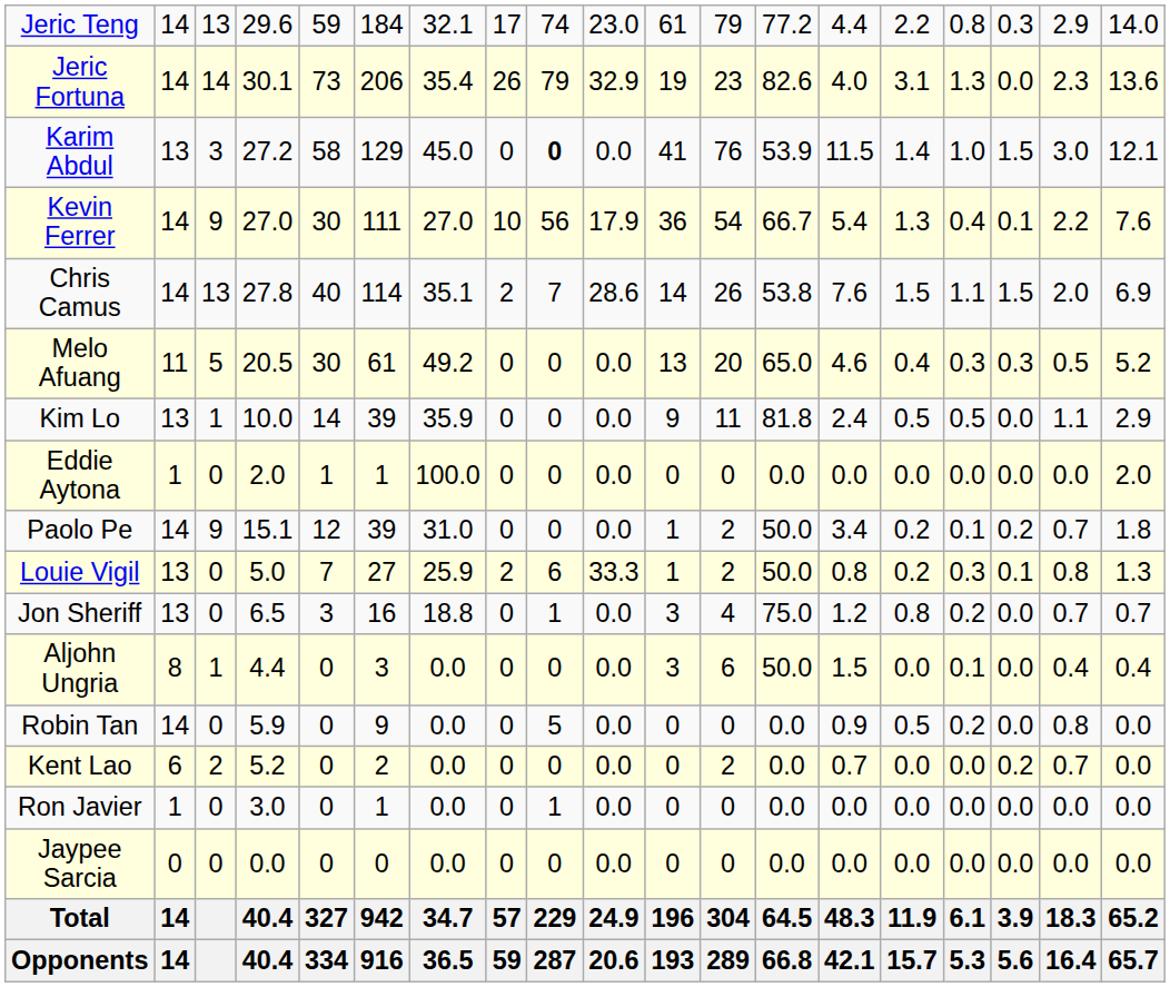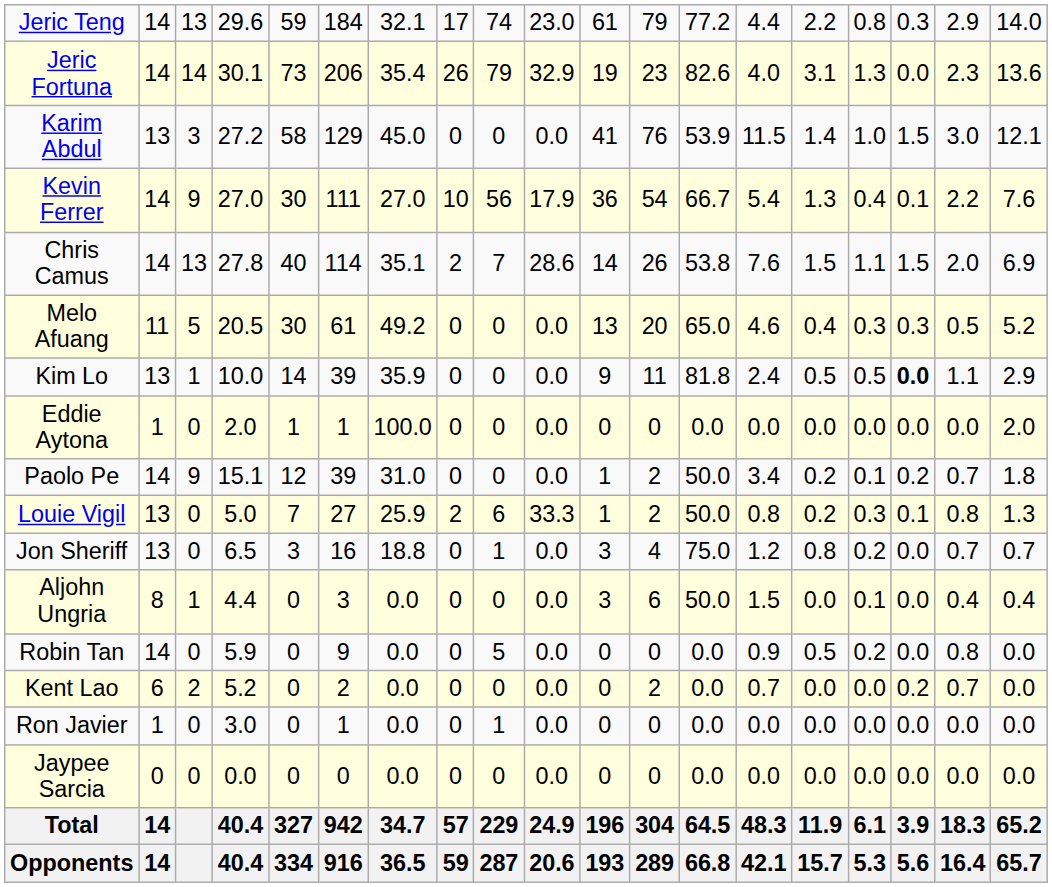 <table class=wikitable width=100%>
 <tr align=center>
 <td><a href='#'>Jeric Teng</a></td>
 <td>14</td>
 <td>13</td>
 <td>29.6</td>
 <td>59</td>
 <td>184</td>
 <td>32.1</td>
 <td>17</td>
 <td>74</td>
 <td>23.0</td>
 <td>61</td>
 <td>79</td>
 <td>77.2</td>
 <td>4.4</td>
 <td>2.2</td>
 <td>0.8</td>
 <td>0.3</td>
 <td>2.9</td>
 <td style=>14.0</td>
 </tr>
 <tr bgcolor=#ffffdd align=center>
 <td><a href='#'>Jeric Fortuna</a></td>
 <td>14</td>
 <td>14</td>
 <td style=>30.1</td>
 <td>73</td>
 <td>206</td>
 <td>35.4</td>
 <td>26</td>
 <td>79</td>
 <td>32.9</td>
 <td>19</td>
 <td>23</td>
 <td style=>82.6</td>
 <td>4.0</td>
 <td style=>3.1</td>
 <td style=>1.3</td>
 <td>0.0</td>
 <td>2.3</td>
 <td>13.6</td>
 </tr>
 <tr align=center>
 <td><a href='#'>Karim Abdul</a></td>
 <td>13</td>
 <td>3</td>
 <td>27.2</td>
 <td>58</td>
 <td>129</td>
 <td>45.0</td>
 <td>0</td>
-<td><strong>0</strong></td>
+<td>0</td>
 <td>0.0</td>
 <td>41</td>
 <td>76</td>
 <td>53.9</td>
 <td style=>11.5</td>
 <td>1.4</td>
 <td>1.0</td>
 <td style=>1.5</td>
 <td>3.0</td>
 <td>12.1</td>
 </tr>
 <tr bgcolor=#ffffdd align=center>
 <td><a href='#'>Kevin Ferrer</a></td>
 <td>14</td>
 <td>9</td>
 <td>27.0</td>
 <td>30</td>
 <td>111</td>
 <td>27.0</td>
 <td>10</td>
 <td>56</td>
 <td>17.9</td>
 <td>36</td>
 <td>54</td>
 <td>66.7</td>
 <td>5.4</td>
 <td>1.3</td>
 <td>0.4</td>
 <td>0.1</td>
 <td>2.2</td>
 <td>7.6</td>
 </tr>
 <tr align=center>
 <td>Chris Camus</td>
 <td>14</td>
 <td>13</td>
 <td>27.8</td>
 <td>40</td>
 <td>114</td>
 <td>35.1</td>
 <td>2</td>
 <td>7</td>
 <td>28.6</td>
 <td>14</td>
 <td>26</td>
 <td>53.8</td>
 <td>7.6</td>
 <td>1.5</td>
 <td>1.1</td>
 <td style=>1.5</td>
 <td>2.0</td>
 <td>6.9</td>
 </tr>
 <tr bgcolor=#ffffdd align=center>
 <td>Melo Afuang</td>
 <td>11</td>
 <td>5</td>
 <td>20.5</td>
 <td>30</td>
 <td>61</td>
 <td>49.2</td>
 <td>0</td>
 <td>0</td>
 <td>0.0</td>
 <td>13</td>
 <td>20</td>
 <td>65.0</td>
 <td>4.6</td>
 <td>0.4</td>
 <td>0.3</td>
 <td>0.3</td>
 <td>0.5</td>
 <td>5.2</td>
 </tr>
 <tr align=center>
 <td>Kim Lo</td>
 <td>13</td>
 <td>1</td>
 <td>10.0</td>
 <td>14</td>
 <td>39</td>
 <td>35.9</td>
 <td>0</td>
 <td>0</td>
 <td>0.0</td>
 <td>9</td>
 <td>11</td>
 <td>81.8</td>
 <td>2.4</td>
 <td>0.5</td>
 <td>0.5</td>
-<td>0.0</td>
+<td><strong>0.0</strong></td>
 <td>1.1</td>
 <td>2.9</td>
 </tr>
 <tr bgcolor=#ffffdd align=center>
 <td>Eddie Aytona</td>
 <td>1</td>
 <td>0</td>
 <td>2.0</td>
 <td>1</td>
 <td>1</td>
 <td style=>100.0</td>
 <td>0</td>
 <td>0</td>
 <td>0.0</td>
 <td>0</td>
 <td>0</td>
 <td>0.0</td>
 <td>0.0</td>
 <td>0.0</td>
 <td>0.0</td>
 <td>0.0</td>
 <td>0.0</td>
 <td>2.0</td>
 </tr>
 <tr align=center>
 <td>Paolo Pe</td>
 <td>14</td>
 <td>9</td>
 <td>15.1</td>
 <td>12</td>
 <td>39</td>
 <td>31.0</td>
 <td>0</td>
 <td>0</td>
 <td>0.0</td>
 <td>1</td>
 <td>2</td>
 <td>50.0</td>
 <td>3.4</td>
 <td>0.2</td>
 <td>0.1</td>
 <td>0.2</td>
 <td>0.7</td>
 <td>1.8</td>
 </tr>
 <tr bgcolor=#ffffdd align=center>
 <td><a href='#'>Louie Vigil</a></td>
 <td>13</td>
 <td>0</td>
 <td>5.0</td>
 <td>7</td>
 <td>27</td>
 <td>25.9</td>
 <td>2</td>
 <td>6</td>
 <td style=>33.3</td>
 <td>1</td>
 <td>2</td>
 <td>50.0</td>
 <td>0.8</td>
 <td>0.2</td>
 <td>0.3</td>
 <td>0.1</td>
 <td>0.8</td>
 <td>1.3</td>
 </tr>
 <tr align=center>
 <td>Jon Sheriff</td>
 <td>13</td>
 <td>0</td>
 <td>6.5</td>
 <td>3</td>
 <td>16</td>
 <td>18.8</td>
 <td>0</td>
 <td>1</td>
 <td>0.0</td>
 <td>3</td>
 <td>4</td>
 <td>75.0</td>
 <td>1.2</td>
 <td>0.8</td>
 <td>0.2</td>
 <td>0.0</td>
 <td>0.7</td>
 <td>0.7</td>
 </tr>
 <tr bgcolor=#ffffdd align=center>
 <td>Aljohn Ungria</td>
 <td>8</td>
 <td>1</td>
 <td>4.4</td>
 <td>0</td>
 <td>3</td>
 <td>0.0</td>
 <td>0</td>
 <td>0</td>
 <td>0.0</td>
 <td>3</td>
 <td>6</td>
 <td>50.0</td>
 <td>1.5</td>
 <td>0.0</td>
 <td>0.1</td>
 <td>0.0</td>
 <td>0.4</td>
 <td>0.4</td>
 </tr>
 <tr align=center>
 <td>Robin Tan</td>
 <td>14</td>
 <td>0</td>
 <td>5.9</td>
 <td>0</td>
 <td>9</td>
 <td>0.0</td>
 <td>0</td>
 <td>5</td>
 <td>0.0</td>
 <td>0</td>
 <td>0</td>
 <td>0.0</td>
 <td>0.9</td>
 <td>0.5</td>
 <td>0.2</td>
 <td>0.0</td>
 <td>0.8</td>
 <td>0.0</td>
 </tr>
 <tr bgcolor=#ffffdd align=center>
 <td>Kent Lao</td>
 <td>6</td>
 <td>2</td>
 <td>5.2</td>
 <td>0</td>
 <td>2</td>
 <td>0.0</td>
 <td>0</td>
 <td>0</td>
 <td>0.0</td>
 <td>0</td>
 <td>2</td>
 <td>0.0</td>
 <td>0.7</td>
 <td>0.0</td>
 <td>0.0</td>
 <td>0.2</td>
 <td>0.7</td>
 <td>0.0</td>
 </tr>
 <tr align=center>
 <td>Ron Javier</td>
 <td>1</td>
 <td>0</td>
 <td>3.0</td>
 <td>0</td>
 <td>1</td>
 <td>0.0</td>
 <td>0</td>
 <td>1</td>
 <td>0.0</td>
 <td>0</td>
 <td>0</td>
 <td>0.0</td>
 <td>0.0</td>
 <td>0.0</td>
 <td>0.0</td>
 <td>0.0</td>
 <td>0.0</td>
 <td>0.0</td>
 </tr>
 <tr bgcolor=#ffffdd align=center>
 <td>Jaypee Sarcia</td>
 <td>0</td>
 <td>0</td>
 <td>0.0</td>
 <td>0</td>
 <td>0</td>
 <td>0.0</td>
 <td>0</td>
 <td>0</td>
 <td>0.0</td>
 <td>0</td>
 <td>0</td>
 <td>0.0</td>
 <td>0.0</td>
 <td>0.0</td>
 <td>0.0</td>
 <td>0.0</td>
 <td>0.0</td>
 <td>0.0</td>
 </tr>
 <tr class=sortbottom>
 <th>Total</th>
 <th>14</th>
 <th></th>
 <th>40.4</th>
 <th>327</th>
 <th>942</th>
 <th>34.7</th>
 <th>57</th>
 <th>229</th>
 <th>24.9</th>
 <th>196</th>
 <th>304</th>
 <th>64.5</th>
 <th>48.3</th>
 <th>11.9</th>
 <th>6.1</th>
 <th>3.9</th>
 <th>18.3</th>
 <th>65.2</th>
 </tr>
 <tr class=sortbottom>
 <th>Opponents</th>
 <th>14</th>
 <th></th>
 <th>40.4</th>
 <th>334</th>
 <th>916</th>
 <th>36.5</th>
 <th>59</th>
 <th>287</th>
 <th>20.6</th>
 <th>193</th>
 <th>289</th>
 <th>66.8</th>
 <th>42.1</th>
 <th>15.7</th>
 <th>5.3</th>
 <th>5.6</th>
 <th>16.4</th>
 <th>65.7</th>
 </tr>
 </table>
